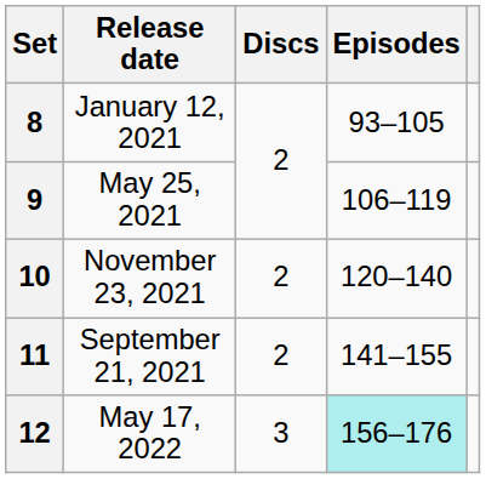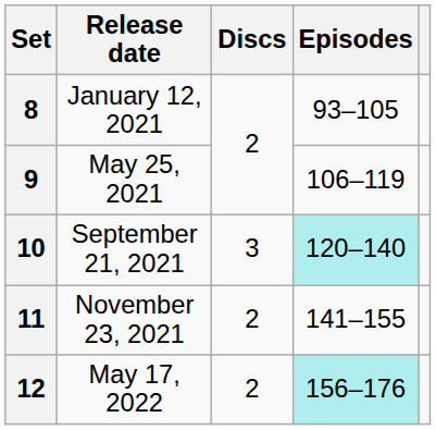 <table class="wikitable" style="text-align: center; width: 21%;">
 <tr>
 <th scope="col" 175px;>Set</th>
 <th scope="col" 125px;>Release date</th>
 <th scope="col">Discs</th>
 <th scope="col">Episodes</th>
 <th scope="col"></th>
 </tr>
 <tr>
 <th scope="row">8</th>
 <td>January 12, 2021</td>
 <td rowspan="2">2</td>
 <td>93–105</td>
 <td></td>
 </tr>
 <tr>
 <th scope="row">9</th>
 <td>May 25, 2021</td>
 <td>106–119</td>
 <td></td>
 </tr>
 <tr>
 <th scope="row">10</th>
-<td>November 23, 2021</td>
-<td>2</td>
-<td>120–140</td>
+<td>September 21, 2021</td>
+<td>3</td>
+<td style="background: paleturquoise;">120–140</td>
 <td></td>
 </tr>
 <tr>
 <th scope="row">11</th>
-<td>September 21, 2021</td>
+<td>November 23, 2021</td>
 <td>2</td>
 <td>141–155</td>
 <td></td>
 </tr>
 <tr>
 <th scope="row">12</th>
 <td>May 17, 2022</td>
-<td>3</td>
+<td>2</td>
 <td style="background: paleturquoise;">156–176</td>
 <td></td>
 </tr>
 </table>
